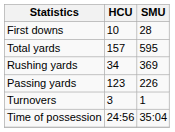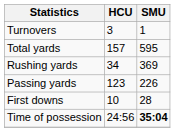 <table class="wikitable" style="float: left;">
 <tr>
 <th>Statistics</th>
 <th>HCU</th>
 <th>SMU</th>
 </tr>
 <tr>
-<td>First downs</td>
-<td>10</td>
-<td>28</td>
+<td>Turnovers</td>
+<td>3</td>
+<td>1</td>
 </tr>
 <tr>
 <td>Total yards</td>
 <td>157</td>
 <td>595</td>
 </tr>
 <tr>
 <td>Rushing yards</td>
 <td>34</td>
 <td>369</td>
 </tr>
 <tr>
 <td>Passing yards</td>
 <td>123</td>
 <td>226</td>
 </tr>
 <tr>
-<td>Turnovers</td>
-<td>3</td>
-<td>1</td>
+<td>First downs</td>
+<td>10</td>
+<td>28</td>
 </tr>
 <tr>
 <td>Time of possession</td>
 <td>24:56</td>
-<td>35:04</td>
+<td><strong>35:04</strong></td>
 </tr>
 <tr>
 </tr>
 </table>
